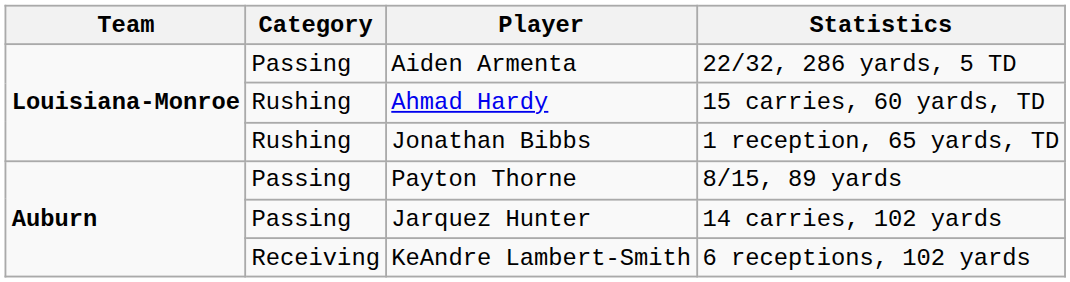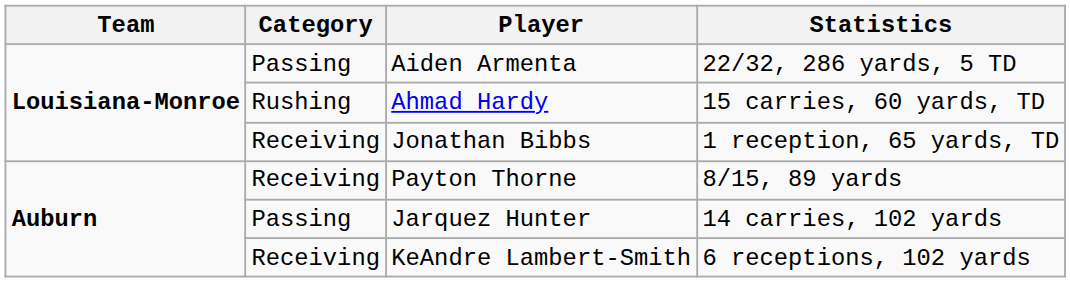 <table class="wikitable" style="float: right;">
 <tr>
 <th>Team</th>
 <th>Category</th>
 <th>Player</th>
 <th>Statistics</th>
 </tr>
 <tr>
 <td rowspan=3><strong>Louisiana-Monroe</strong></td>
 <td>Passing</td>
 <td>Aiden Armenta</td>
 <td>22/32, 286 yards, 5 TD</td>
 </tr>
 <tr>
 <td>Rushing</td>
 <td><a href='#'>Ahmad Hardy</a></td>
 <td>15 carries, 60 yards, TD</td>
 </tr>
 <tr>
-<td>Rushing</td>
+<td>Receiving</td>
 <td>Jonathan Bibbs</td>
 <td>1 reception, 65 yards, TD</td>
 </tr>
 <tr>
 <td rowspan=3><strong>Auburn</strong></td>
-<td>Passing</td>
+<td>Receiving</td>
 <td>Payton Thorne</td>
 <td>8/15, 89 yards</td>
 </tr>
 <tr>
 <td>Passing</td>
 <td>Jarquez Hunter</td>
 <td>14 carries, 102 yards</td>
 </tr>
 <tr>
 <td>Receiving</td>
 <td>KeAndre Lambert-Smith</td>
 <td>6 receptions, 102 yards</td>
 </tr>
 </table>
